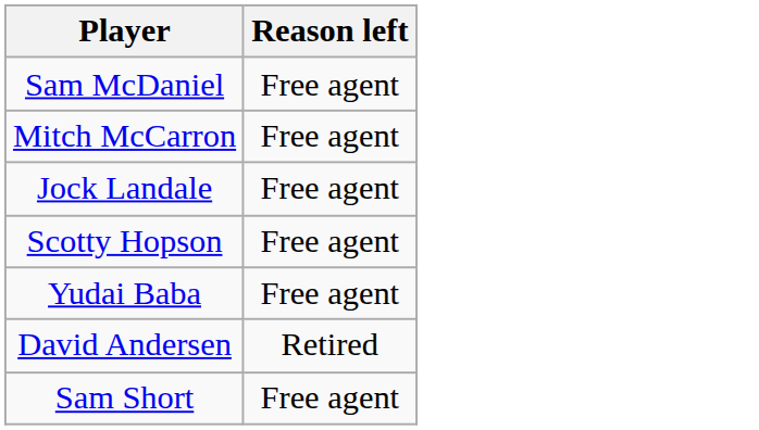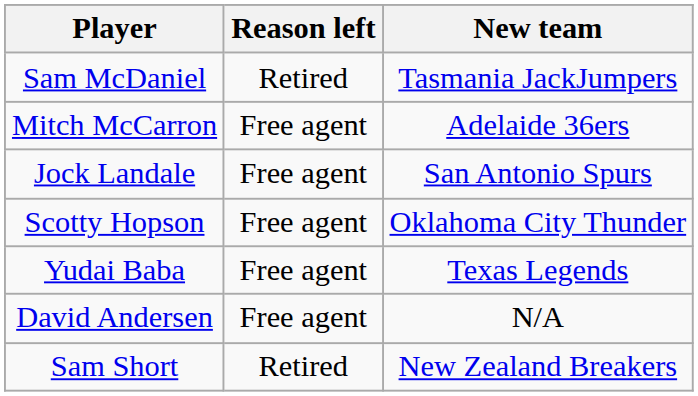 <table class="wikitable sortable sortable" style="text-align: center">
 <tr>
 <th>Player</th>
 <th>Reason left</th>
+<th>New team</th>
 </tr>
 <tr>
 <td><a href='#'>Sam McDaniel</a></td>
-<td>Free agent</td>
+<td>Retired</td>
+<td><a href='#'>Tasmania JackJumpers</a></td>
 </tr>
 <tr>
 <td><a href='#'>Mitch McCarron</a></td>
 <td>Free agent</td>
+<td><a href='#'>Adelaide 36ers</a></td>
 </tr>
 <tr>
 <td><a href='#'>Jock Landale</a></td>
 <td>Free agent</td>
+<td><a href='#'>San Antonio Spurs</a></td>
 </tr>
 <tr>
 <td><a href='#'>Scotty Hopson</a></td>
 <td>Free agent</td>
+<td><a href='#'>Oklahoma City Thunder</a></td>
 </tr>
 <tr>
 <td><a href='#'>Yudai Baba</a></td>
 <td>Free agent</td>
+<td><a href='#'>Texas Legends</a></td>
 </tr>
 <tr>
 <td><a href='#'>David Andersen</a></td>
-<td>Retired</td>
+<td>Free agent</td>
+<td>N/A</td>
 </tr>
 <tr>
 <td><a href='#'>Sam Short</a></td>
-<td>Free agent</td>
+<td>Retired</td>
+<td><a href='#'>New Zealand Breakers</a></td>
 </tr>
 </table>
